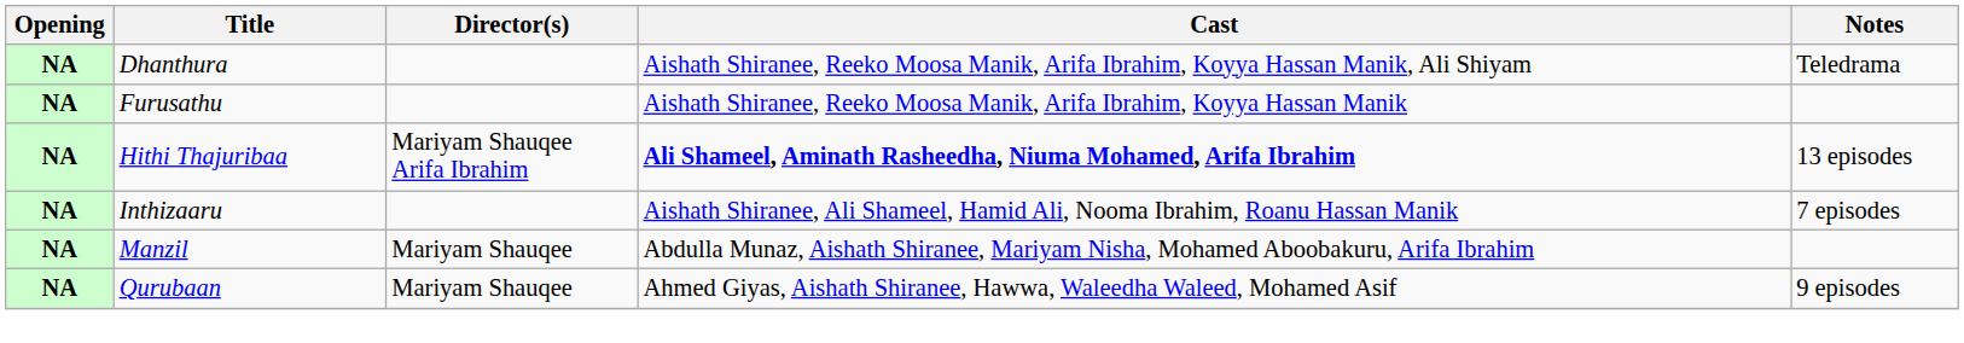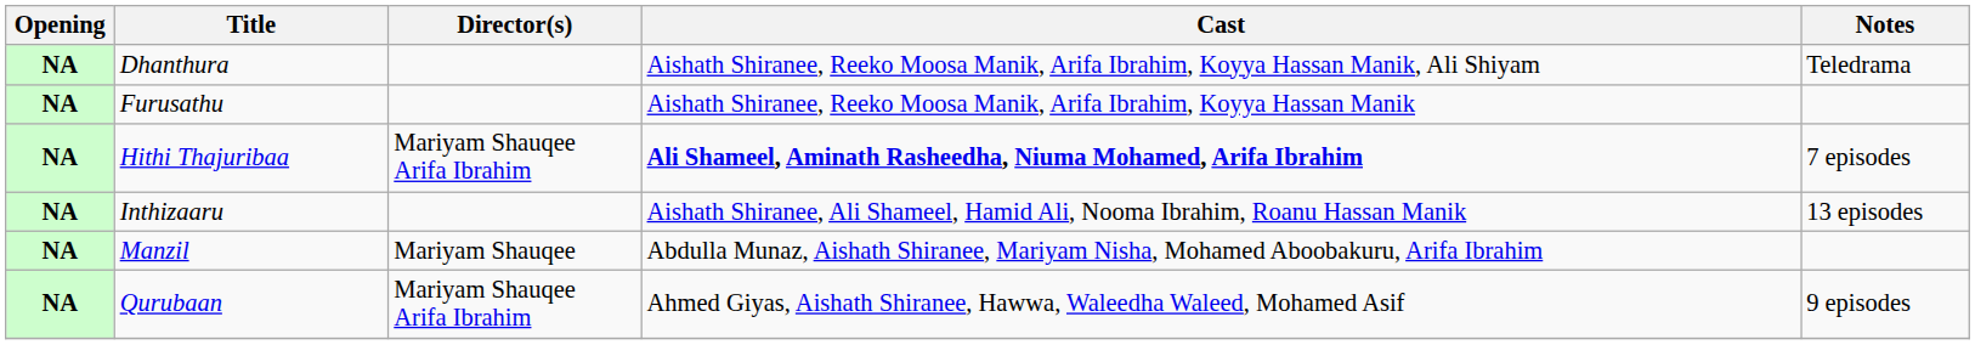 <table class="wikitable plainrowheaders" width="100%">
 <tr>
 <th scope="col" colspan="2" width=4%>Opening</th>
 <th scope="col" width=13%>Title</th>
 <th scope="col" width=12%>Director(s)</th>
 <th scope="col" width=55%>Cast</th>
 <th scope="col" width=8%>Notes</th>
 </tr>
 <tr>
 <td colspan="2" style="text-align:center; textcolor:#000; background:#cdfecd;"><strong>NA</strong></td>
 <td><em>Dhanthura</em></td>
 <td></td>
 <td><a href='#'>Aishath Shiranee</a>, <a href='#'>Reeko Moosa Manik</a>, <a href='#'>Arifa Ibrahim</a>, <a href='#'>Koyya Hassan Manik</a>, Ali Shiyam</td>
 <td>Teledrama</td>
 </tr>
 <tr>
 <td colspan="2" style="text-align:center; textcolor:#000; background:#cdfecd;"><strong>NA</strong></td>
 <td><em>Furusathu</em></td>
 <td></td>
 <td><a href='#'>Aishath Shiranee</a>, <a href='#'>Reeko Moosa Manik</a>, <a href='#'>Arifa Ibrahim</a>, <a href='#'>Koyya Hassan Manik</a></td>
 <td></td>
 </tr>
 <tr>
 <td colspan="2" style="text-align:center; textcolor:#000; background:#cdfecd;"><strong>NA</strong></td>
 <td><em><a href='#'>Hithi Thajuribaa</a></em></td>
 <td>Mariyam Shauqee<br><a href='#'>Arifa Ibrahim</a></td>
 <td><strong><a href='#'>Ali Shameel</a>, <a href='#'>Aminath Rasheedha</a>, <a href='#'>Niuma Mohamed</a>, <a href='#'>Arifa Ibrahim</a></strong></td>
-<td>13 episodes</td>
+<td>7 episodes</td>
 </tr>
 <tr>
 <td colspan="2" style="text-align:center; textcolor:#000; background:#cdfecd;"><strong>NA</strong></td>
 <td><em>Inthizaaru</em></td>
 <td></td>
 <td><a href='#'>Aishath Shiranee</a>, <a href='#'>Ali Shameel</a>, <a href='#'>Hamid Ali</a>, Nooma Ibrahim, <a href='#'>Roanu Hassan Manik</a></td>
-<td>7 episodes</td>
+<td>13 episodes</td>
 </tr>
 <tr>
 <td colspan="2" style="text-align:center; textcolor:#000; background:#cdfecd;"><strong>NA</strong></td>
 <td><em><a href='#'>Manzil</a></em></td>
 <td>Mariyam Shauqee</td>
 <td>Abdulla Munaz, <a href='#'>Aishath Shiranee</a>, <a href='#'>Mariyam Nisha</a>, Mohamed Aboobakuru, <a href='#'>Arifa Ibrahim</a></td>
 <td></td>
 </tr>
 <tr>
 <td colspan="2" style="text-align:center; textcolor:#000; background:#cdfecd;"><strong>NA</strong></td>
 <td><em><a href='#'>Qurubaan</a></em></td>
-<td>Mariyam Shauqee</td>
+<td>Mariyam Shauqee<br><a href='#'>Arifa Ibrahim</a></td>
 <td>Ahmed Giyas, <a href='#'>Aishath Shiranee</a>, Hawwa, <a href='#'>Waleedha Waleed</a>, Mohamed Asif</td>
 <td>9 episodes</td>
 </tr>
 <tr>
 </tr>
 </table>
